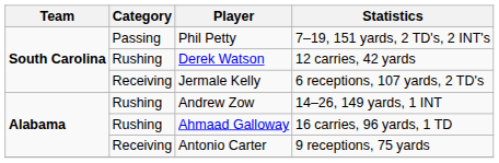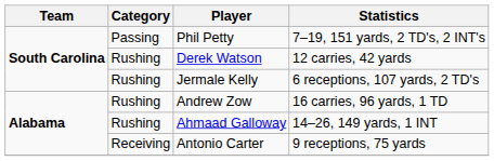 <table class="wikitable" style="float: right;">
 <tr>
 <th>Team</th>
 <th>Category</th>
 <th>Player</th>
 <th>Statistics</th>
 </tr>
 <tr>
 <td rowspan=3><strong>South Carolina</strong></td>
 <td>Passing</td>
 <td>Phil Petty</td>
 <td>7–19, 151 yards, 2 TD's, 2 INT's</td>
 </tr>
 <tr>
 <td>Rushing</td>
 <td><a href='#'>Derek Watson</a></td>
 <td>12 carries, 42 yards</td>
 </tr>
 <tr>
-<td>Receiving</td>
+<td>Rushing</td>
 <td>Jermale Kelly</td>
 <td>6 receptions, 107 yards, 2 TD's</td>
 </tr>
 <tr>
 <td rowspan=3><strong>Alabama</strong></td>
 <td>Rushing</td>
 <td>Andrew Zow</td>
-<td>14–26, 149 yards, 1 INT</td>
+<td>16 carries, 96 yards, 1 TD</td>
 </tr>
 <tr>
 <td>Rushing</td>
 <td><a href='#'>Ahmaad Galloway</a></td>
-<td>16 carries, 96 yards, 1 TD</td>
+<td>14–26, 149 yards, 1 INT</td>
 </tr>
 <tr>
 <td>Receiving</td>
 <td>Antonio Carter</td>
 <td>9 receptions, 75 yards</td>
 </tr>
 <tr>
 </tr>
 </table>
